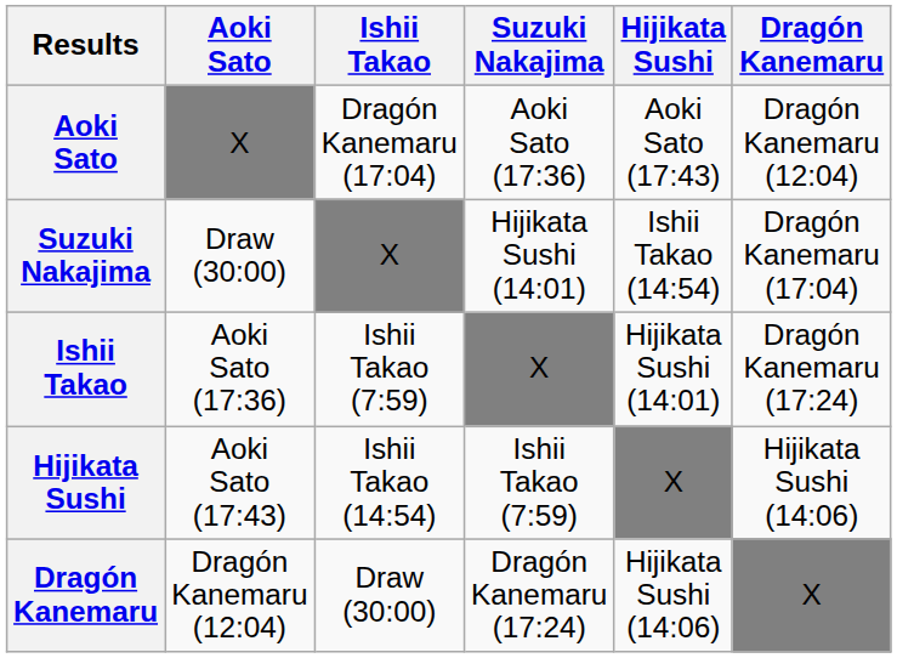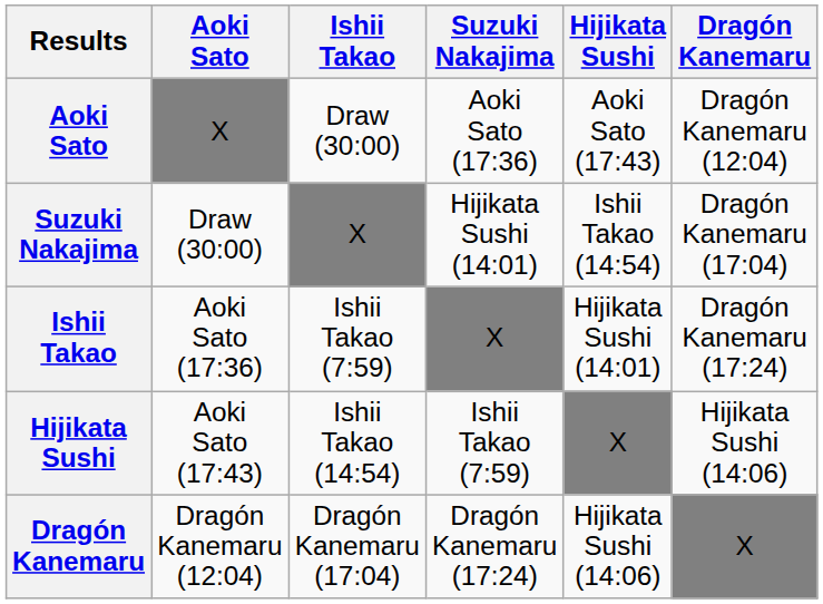 <table class="wikitable" style="text-align:center; margin: 1em auto 1em auto">
 <tr>
 <th>Results</th>
 <th><a href='#'>Aoki</a><br><a href='#'>Sato</a></th>
 <th><a href='#'>Ishii</a><br><a href='#'>Takao</a></th>
 <th><a href='#'>Suzuki</a><br><a href='#'>Nakajima</a></th>
 <th><a href='#'>Hijikata</a><br><a href='#'>Sushi</a></th>
 <th><a href='#'>Dragón</a><br><a href='#'>Kanemaru</a></th>
 </tr>
 <tr>
 <th><a href='#'>Aoki</a><br><a href='#'>Sato</a></th>
 <td bgcolor=grey>X</td>
-<td>Dragón<br>Kanemaru<br>(17:04)</td>
+<td>Draw<br>(30:00)</td>
 <td>Aoki<br>Sato<br>(17:36)</td>
 <td>Aoki<br>Sato<br>(17:43)</td>
 <td>Dragón<br>Kanemaru<br>(12:04)</td>
 </tr>
 <tr>
 <th><a href='#'>Suzuki</a><br><a href='#'>Nakajima</a></th>
 <td>Draw<br>(30:00)</td>
 <td bgcolor=grey>X</td>
 <td>Hijikata<br>Sushi<br>(14:01)</td>
 <td>Ishii<br>Takao<br>(14:54)</td>
 <td>Dragón<br>Kanemaru<br>(17:04)</td>
 </tr>
 <tr>
 <th><a href='#'>Ishii</a><br><a href='#'>Takao</a></th>
 <td>Aoki<br>Sato<br>(17:36)</td>
 <td>Ishii<br>Takao<br>(7:59)</td>
 <td bgcolor=grey>X</td>
 <td>Hijikata<br>Sushi<br>(14:01)</td>
 <td>Dragón<br>Kanemaru<br>(17:24)</td>
 </tr>
 <tr>
 <th><a href='#'>Hijikata</a><br><a href='#'>Sushi</a></th>
 <td>Aoki<br>Sato<br>(17:43)</td>
 <td>Ishii<br>Takao<br>(14:54)</td>
 <td>Ishii<br>Takao<br>(7:59)</td>
 <td bgcolor=grey>X</td>
 <td>Hijikata<br>Sushi<br>(14:06)</td>
 </tr>
 <tr>
 <th><a href='#'>Dragón</a><br><a href='#'>Kanemaru</a></th>
 <td>Dragón<br>Kanemaru<br>(12:04)</td>
-<td>Draw<br>(30:00)</td>
+<td>Dragón<br>Kanemaru<br>(17:04)</td>
 <td>Dragón<br>Kanemaru<br>(17:24)</td>
 <td>Hijikata<br>Sushi<br>(14:06)</td>
 <td bgcolor=grey>X</td>
 </tr>
 </table>
